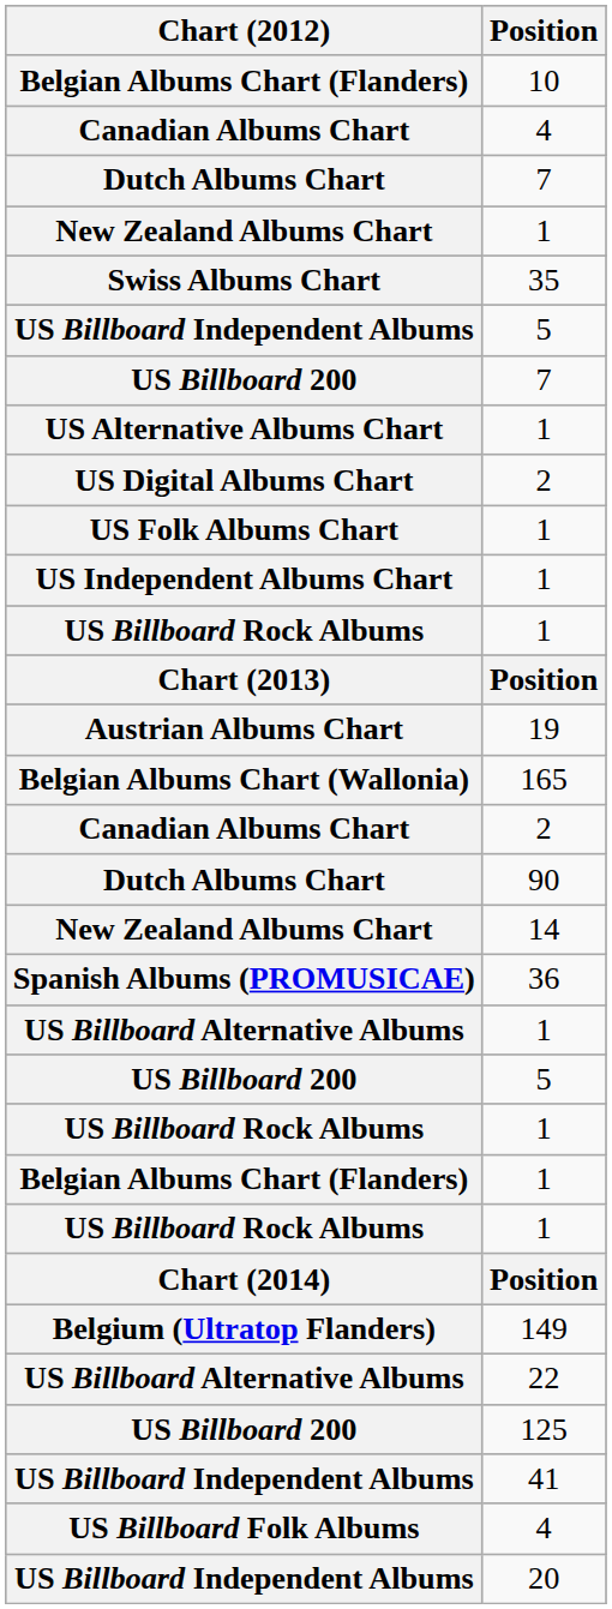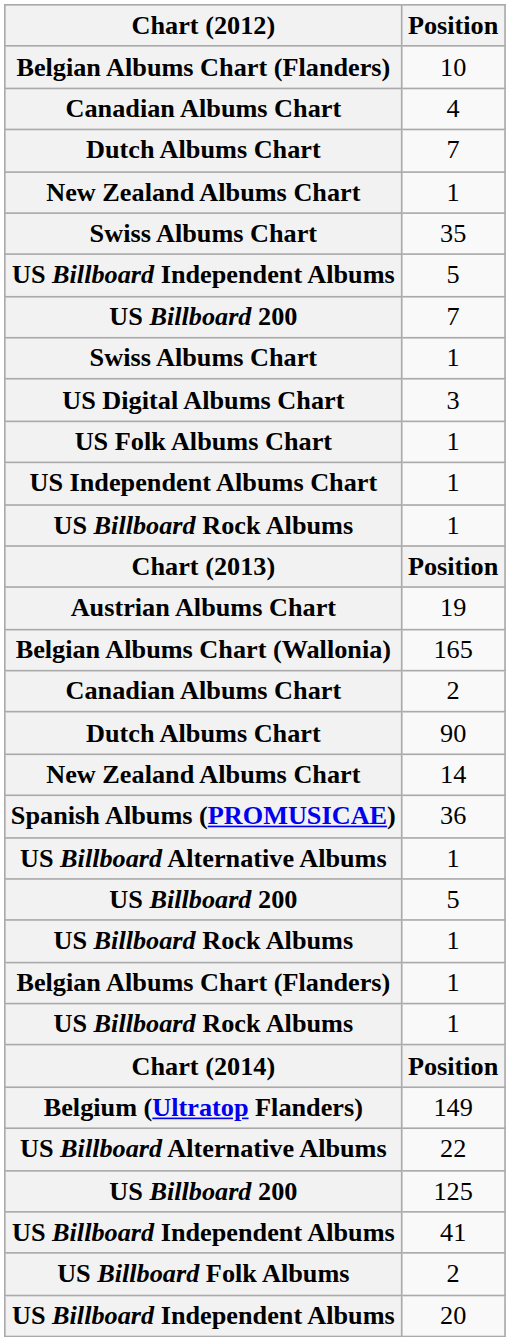 <table class="wikitable plainrowheaders">
 <tr>
 <th>Chart (2012)</th>
 <th>Position</th>
 </tr>
 <tr>
 <th scope="row">Belgian Albums Chart (Flanders)</th>
 <td align="center">10</td>
 </tr>
 <tr>
 <th scope="row">Canadian Albums Chart</th>
 <td align="center">4</td>
 </tr>
 <tr>
 <th scope="row">Dutch Albums Chart</th>
 <td align="center">7</td>
 </tr>
 <tr>
 <th scope="row">New Zealand Albums Chart</th>
 <td align="center">1</td>
 </tr>
 <tr>
 <th scope="row">Swiss Albums Chart</th>
 <td align="center">35</td>
 </tr>
 <tr>
 <th scope="row">US <em>Billboard</em> Independent Albums</th>
 <td style="text-align:center;">5</td>
 </tr>
 <tr>
 <th scope="row">US <em>Billboard</em> 200</th>
 <td style="text-align:center;">7</td>
 </tr>
 <tr>
-<th scope="row">US Alternative Albums Chart</th>
+<th scope="row">Swiss Albums Chart</th>
 <td style="text-align:center;">1</td>
 </tr>
 <tr>
 <th scope="row">US Digital Albums Chart</th>
-<td style="text-align:center;">2</td>
+<td style="text-align:center;">3</td>
 </tr>
 <tr>
 <th scope="row">US Folk Albums Chart</th>
 <td style="text-align:center;">1</td>
 </tr>
 <tr>
 <th scope="row">US Independent Albums Chart</th>
 <td style="text-align:center;">1</td>
 </tr>
 <tr>
 <th scope="row">US <em>Billboard</em> Rock Albums</th>
 <td style="text-align:center;">1</td>
 </tr>
 <tr>
 <th>Chart (2013)</th>
 <th>Position</th>
 </tr>
 <tr>
 <th scope="row">Austrian Albums Chart</th>
 <td align="center">19</td>
 </tr>
 <tr>
 <th scope="row">Belgian Albums Chart (Wallonia)</th>
 <td align="center">165</td>
 </tr>
 <tr>
 <th scope="row">Canadian Albums Chart</th>
 <td align="center">2</td>
 </tr>
 <tr>
 <th scope="row">Dutch Albums Chart</th>
 <td align="center">90</td>
 </tr>
 <tr>
 <th scope="row">New Zealand Albums Chart</th>
 <td align="center">14</td>
 </tr>
 <tr>
 <th scope="row">Spanish Albums (<a href='#'>PROMUSICAE</a>)</th>
 <td align="center">36</td>
 </tr>
 <tr>
 <th scope="row">US <em>Billboard</em> Alternative Albums</th>
 <td align="center">1</td>
 </tr>
 <tr>
 <th scope="row">US <em>Billboard</em> 200</th>
 <td align="center">5</td>
 </tr>
 <tr>
 <th scope="row">US <em>Billboard</em> Rock Albums</th>
 <td align="center">1</td>
 </tr>
 <tr>
 <th scope="row">Belgian Albums Chart (Flanders)</th>
 <td align="center">1</td>
 </tr>
 <tr>
 <th scope="row">US <em>Billboard</em> Rock Albums</th>
 <td align="center">1</td>
 </tr>
 <tr>
 <th scope="col">Chart (2014)</th>
 <th scope="col">Position</th>
 </tr>
 <tr>
 <th scope="row">Belgium (<a href='#'>Ultratop</a> Flanders)</th>
 <td align="center">149</td>
 </tr>
 <tr>
 <th scope="row">US <em>Billboard</em> Alternative Albums</th>
 <td align="center">22</td>
 </tr>
 <tr>
 <th scope="row">US <em>Billboard</em> 200</th>
 <td align="center">125</td>
 </tr>
 <tr>
 <th scope="row">US <em>Billboard</em> Independent Albums</th>
 <td align="center">41</td>
 </tr>
 <tr>
 <th scope="row">US <em>Billboard</em> Folk Albums</th>
-<td align="center">4</td>
+<td align="center">2</td>
 </tr>
 <tr>
 <th scope="row">US <em>Billboard</em> Independent Albums</th>
 <td align="center">20</td>
 </tr>
 </table>
